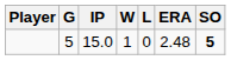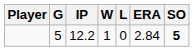 <table class="wikitable sortable" style="text-align:center;">
 <tr>
 <th>Player</th>
 <th>G</th>
 <th>IP</th>
 <th>W</th>
 <th>L</th>
 <th>ERA</th>
 <th>SO</th>
 </tr>
 <tr>
 <td></td>
 <td>5</td>
-<td>15.0</td>
+<td>12.2</td>
 <td>1</td>
 <td>0</td>
-<td>2.48</td>
+<td>2.84</td>
 <td><strong>5</strong></td>
 </tr>
 </table>
